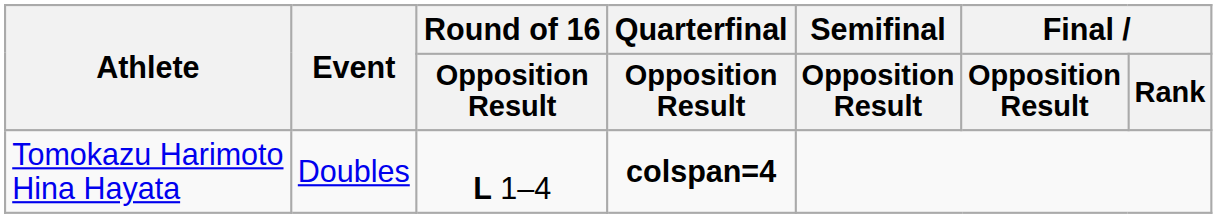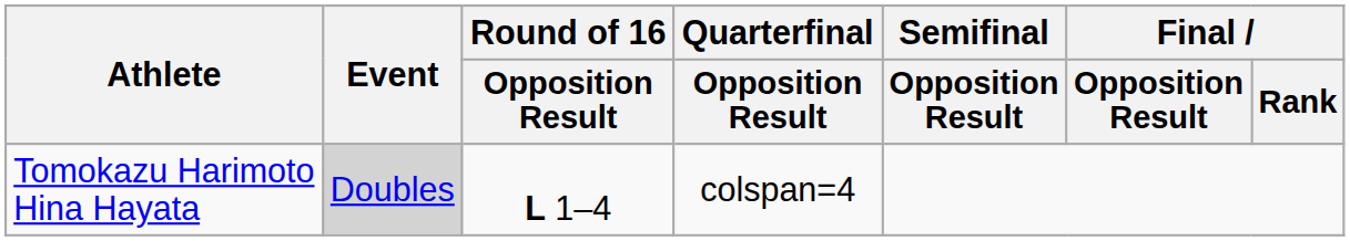 <table class="wikitable" style="font-size:90%;">
 <tr>
 <th rowspan=2>Athlete</th>
 <th rowspan=2>Event</th>
 <th>Round of 16</th>
 <th>Quarterfinal</th>
 <th>Semifinal</th>
 <th colspan=2>Final / </th>
 </tr>
 <tr style="font-size:95%">
 <th>Opposition <br> Result</th>
 <th>Opposition <br> Result</th>
 <th>Opposition <br> Result</th>
 <th>Opposition <br> Result</th>
 <th>Rank</th>
 </tr>
 <tr align=center>
 <td align=left><a href='#'>Tomokazu Harimoto</a><br><a href='#'>Hina Hayata</a></td>
-<td align=left><a href='#'>Doubles</a></td>
+<td align=left style="background: lightgrey;"><a href='#'>Doubles</a></td>
 <td> <br><strong>L</strong> 1–4</td>
-<td><strong>colspan=4</strong></td>
+<td>colspan=4</td>
 </tr>
 </table>
